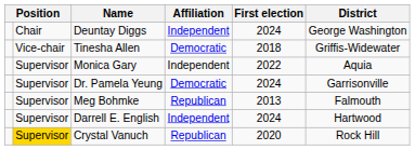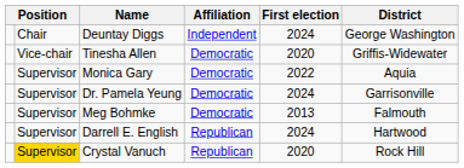 <table class=wikitable>
 <tr>
 <th colspan=2 align=center valign=bottom>Position</th>
 <th style="text-align:center;">Name</th>
 <th valign=bottom>Affiliation</th>
 <th valign=bottom align=center>First election</th>
 <th valign=bottom align=center>District</th>
 </tr>
 <tr>
 <td style="background-color:"> </td>
 <td>Chair</td>
 <td>Deuntay Diggs</td>
 <td style="text-align:center;"><a href='#'>Independent</a></td>
 <td style="text-align:center;">2024</td>
 <td style="text-align:center;">George Washington</td>
 </tr>
 <tr>
 <td style="background-color:"> </td>
 <td>Vice-chair</td>
 <td>Tinesha Allen</td>
 <td style="text-align:center;"><a href='#'>Democratic</a></td>
-<td style="text-align:center;">2018</td>
+<td style="text-align:center;">2020</td>
 <td style="text-align:center;">Griffis-Widewater</td>
 </tr>
 <tr>
 <td style="background-color:"></td>
 <td>Supervisor</td>
 <td>Monica Gary</td>
-<td style="text-align:center;">Independent</td>
+<td style="text-align:center;"><a href='#'>Democratic</a></td>
 <td style="text-align:center;">2022</td>
 <td style="text-align:center;">Aquia</td>
 </tr>
 <tr>
 <td style="background-color:"> </td>
 <td>Supervisor</td>
 <td>Dr. Pamela Yeung</td>
 <td style="text-align:center;"><a href='#'>Democratic</a></td>
 <td style="text-align:center;">2024</td>
 <td style="text-align:center;">Garrisonville</td>
 </tr>
 <tr>
 <td style="background-color:"> </td>
 <td>Supervisor</td>
 <td>Meg Bohmke</td>
-<td style="text-align:center;"><a href='#'>Republican</a></td>
+<td style="text-align:center;"><a href='#'>Democratic</a></td>
 <td style="text-align:center;">2013</td>
 <td style="text-align:center;">Falmouth</td>
 </tr>
 <tr>
 <td style="background-color:"> </td>
 <td>Supervisor</td>
 <td>Darrell E. English</td>
-<td style="text-align:center;"><a href='#'>Independent</a></td>
+<td style="text-align:center;"><a href='#'>Republican</a></td>
 <td style="text-align:center;">2024</td>
 <td style="text-align:center;">Hartwood</td>
 </tr>
 <tr>
 <td style="background-color:"> </td>
 <td style="background: gold;">Supervisor</td>
 <td>Crystal Vanuch</td>
 <td style="text-align:center;"><a href='#'>Republican</a></td>
 <td style="text-align:center;">2020</td>
 <td style="text-align:center;">Rock Hill</td>
 </tr>
 </table>
